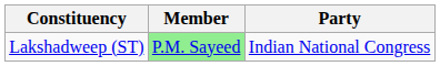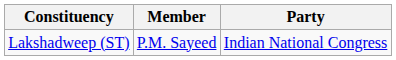 <table class="wikitable sortable">
 <tr>
 <th>Constituency</th>
 <th>Member</th>
 <th>Party</th>
 </tr>
 <tr>
 <td><a href='#'>Lakshadweep (ST)</a></td>
-<td style="background: lightgreen;"><a href='#'>P.M. Sayeed</a></td>
+<td><a href='#'>P.M. Sayeed</a></td>
 <td><a href='#'>Indian National Congress</a></td>
 </tr>
 <tr>
 </tr>
 </table>
